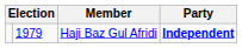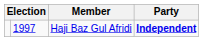 <table class="wikitable">
 <tr>
 <th colspan="2">Election</th>
 <th>Member</th>
 <th>Party</th>
 </tr>
 <tr>
 <td style="background-color: "></td>
-<td><a href='#'>1979</a></td>
+<td><a href='#'>1997</a></td>
 <td><a href='#'>Haji Baz Gul Afridi</a></td>
 <td><strong><a href='#'>Independent</a></strong></td>
 </tr>
 </table>
